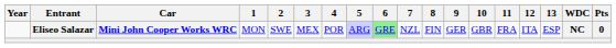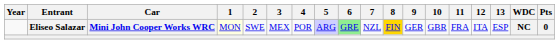 <table class="wikitable" style="text-align:center; font-size:85%">
 <tr>
 <th>Year</th>
 <th>Entrant</th>
 <th>Car</th>
 <th>1</th>
 <th>2</th>
 <th>3</th>
 <th>4</th>
 <th>5</th>
 <th>6</th>
 <th>7</th>
 <th>8</th>
 <th>9</th>
 <th>10</th>
 <th>11</th>
 <th>12</th>
 <th>13</th>
 <th>WDC</th>
 <th>Pts</th>
 </tr>
 <tr>
 <td></td>
 <th nowrap>Eliseo Salazar</th>
 <th nowrap><a href='#'>Mini John Cooper Works WRC</a></th>
-<td><a href='#'>MON</a></td>
+<td style="background: lightyellow;"><a href='#'>MON</a></td>
 <td><a href='#'>SWE</a></td>
 <td><a href='#'>MEX</a></td>
 <td><a href='#'>POR</a></td>
 <td style="background:#CFCFFF;"><a href='#'>ARG</a><br></td>
 <td style="background: lightgreen;"><a href='#'>GRE</a></td>
 <td><a href='#'>NZL</a></td>
-<td><a href='#'>FIN</a></td>
+<td style="background: gold;"><a href='#'>FIN</a></td>
 <td><a href='#'>GER</a></td>
 <td><a href='#'>GBR</a></td>
 <td><a href='#'>FRA</a></td>
 <td><a href='#'>ITA</a></td>
 <td><a href='#'>ESP</a></td>
 <th>NC</th>
 <th>0</th>
 </tr>
 <tr>
 <th colspan="18"></th>
 </tr>
 </table>
